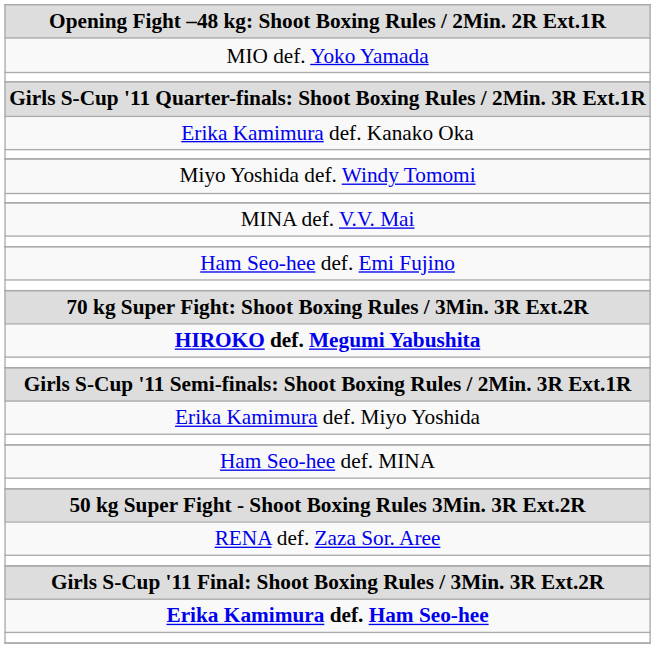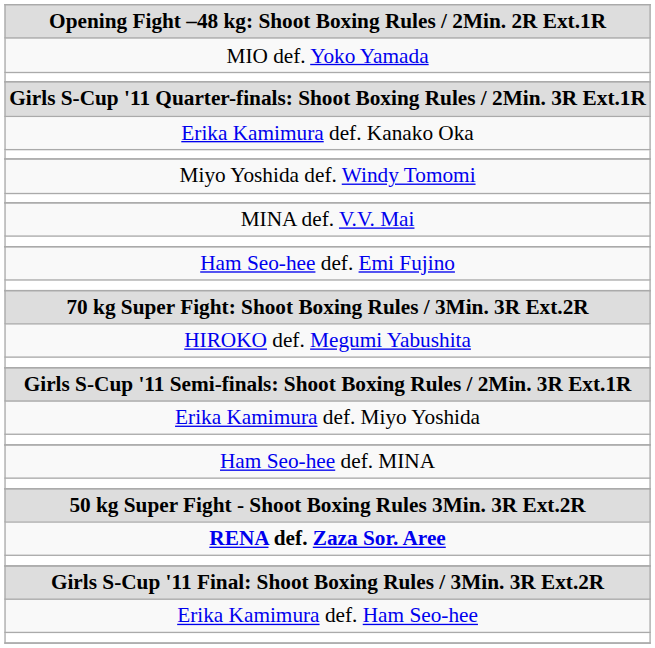 <table class="wikitable" style="clear:both; margin:1.5em auto; text-align:center;">
 <tr>
 </tr>
 <tr align="center"  bgcolor="#dddddd">
 <td><strong>Opening Fight –48 kg: Shoot Boxing Rules / 2Min. 2R Ext.1R</strong></td>
 </tr>
 <tr align="center"  bgcolor=>
 <td align=center> MIO def. <a href='#'>Yoko Yamada</a> </td>
 </tr>
 <tr>
 <th style=background:white colspan=2></th>
 </tr>
 <tr>
 </tr>
 <tr align="center"  bgcolor="#dddddd">
 <td><strong>Girls S-Cup '11 Quarter-finals: Shoot Boxing Rules / 2Min. 3R Ext.1R</strong></td>
 </tr>
 <tr align="center"  bgcolor=>
 <td align=center> <a href='#'>Erika Kamimura</a> def. Kanako Oka </td>
 </tr>
 <tr>
 <th style=background:white colspan=2></th>
 </tr>
 <tr>
 </tr>
 <tr align="center"  bgcolor=>
 <td align=center> Miyo Yoshida def. <a href='#'>Windy Tomomi</a> </td>
 </tr>
 <tr>
 <th style=background:white colspan=2></th>
 </tr>
 <tr>
 </tr>
 <tr align="center"  bgcolor=>
 <td align=center> MINA def. <a href='#'>V.V. Mai</a> </td>
 </tr>
 <tr>
 <th style=background:white colspan=2></th>
 </tr>
 <tr>
 </tr>
 <tr align="center"  bgcolor=>
 <td align=center> <a href='#'>Ham Seo-hee</a> def. <a href='#'>Emi Fujino</a> </td>
 </tr>
 <tr>
 <th style=background:white colspan=2></th>
 </tr>
 <tr>
 </tr>
 <tr align="center"  bgcolor="#dddddd">
 <td><strong>70 kg Super Fight: Shoot Boxing Rules / 3Min. 3R Ext.2R</strong></td>
 </tr>
 <tr align="center"  bgcolor=>
-<td align=center><strong> <a href='#'>HIROKO</a> def. <a href='#'>Megumi Yabushita</a> </strong></td>
+<td align=center> <a href='#'>HIROKO</a> def. <a href='#'>Megumi Yabushita</a> </td>
 </tr>
 <tr>
 <th style=background:white colspan=2></th>
 </tr>
 <tr>
 </tr>
 <tr align="center"  bgcolor="#dddddd">
 <td><strong>Girls S-Cup '11 Semi-finals: Shoot Boxing Rules / 2Min. 3R Ext.1R</strong></td>
 </tr>
 <tr align="center"  bgcolor=>
 <td align=center> <a href='#'>Erika Kamimura</a> def. Miyo Yoshida </td>
 </tr>
 <tr>
 <th style=background:white colspan=2></th>
 </tr>
 <tr>
 </tr>
 <tr align="center"  bgcolor=>
 <td align=center> <a href='#'>Ham Seo-hee</a> def. MINA </td>
 </tr>
 <tr>
 <th style=background:white colspan=2></th>
 </tr>
 <tr>
 </tr>
 <tr align="center"  bgcolor="#dddddd">
 <td><strong>50 kg Super Fight - Shoot Boxing Rules 3Min. 3R Ext.2R</strong></td>
 </tr>
 <tr align="center"  bgcolor=>
-<td align=center> <a href='#'>RENA</a> def. <a href='#'>Zaza Sor. Aree</a> </td>
+<td align=center><strong> <a href='#'>RENA</a> def. <a href='#'>Zaza Sor. Aree</a> </strong></td>
 </tr>
 <tr>
 <th style=background:white colspan=2></th>
 </tr>
 <tr>
 </tr>
 <tr align="center"  bgcolor="#dddddd">
 <td><strong>Girls S-Cup '11 Final: Shoot Boxing Rules / 3Min. 3R Ext.2R</strong></td>
 </tr>
 <tr align="center"  bgcolor=>
-<td align=center><strong> <a href='#'>Erika Kamimura</a> def. <a href='#'>Ham Seo-hee</a> </strong></td>
+<td align=center> <a href='#'>Erika Kamimura</a> def. <a href='#'>Ham Seo-hee</a> </td>
 </tr>
 <tr>
 <th style=background:white colspan=2></th>
 </tr>
 <tr>
 </tr>
 </table>
